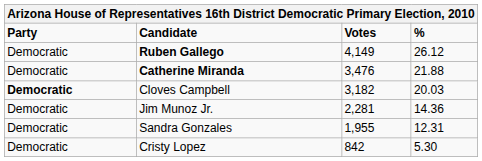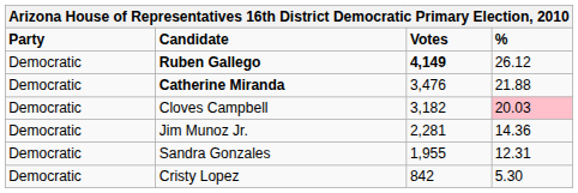 <table class="wikitable">
 <tr>
 <th colspan="4">Arizona House of Representatives 16th District Democratic Primary Election, 2010</th>
 </tr>
 <tr>
 <td><strong>Party</strong></td>
 <td><strong>Candidate</strong></td>
 <td><strong>Votes</strong></td>
 <td><strong>%</strong></td>
 </tr>
 <tr>
 <td>Democratic</td>
 <td><strong>Ruben Gallego</strong></td>
-<td>4,149</td>
+<td><strong>4,149</strong></td>
 <td>26.12</td>
 </tr>
 <tr>
 <td>Democratic</td>
 <td><strong>Catherine Miranda</strong></td>
 <td>3,476</td>
 <td>21.88</td>
 </tr>
 <tr>
-<td><strong>Democratic</strong></td>
+<td>Democratic</td>
 <td>Cloves Campbell</td>
 <td>3,182</td>
-<td>20.03</td>
+<td style="background: pink;">20.03</td>
 </tr>
 <tr>
 <td>Democratic</td>
 <td>Jim Munoz Jr.</td>
 <td>2,281</td>
 <td>14.36</td>
 </tr>
 <tr>
 <td>Democratic</td>
 <td>Sandra Gonzales</td>
 <td>1,955</td>
 <td>12.31</td>
 </tr>
 <tr>
 <td>Democratic</td>
 <td>Cristy Lopez</td>
 <td>842</td>
 <td>5.30</td>
 </tr>
 </table>
